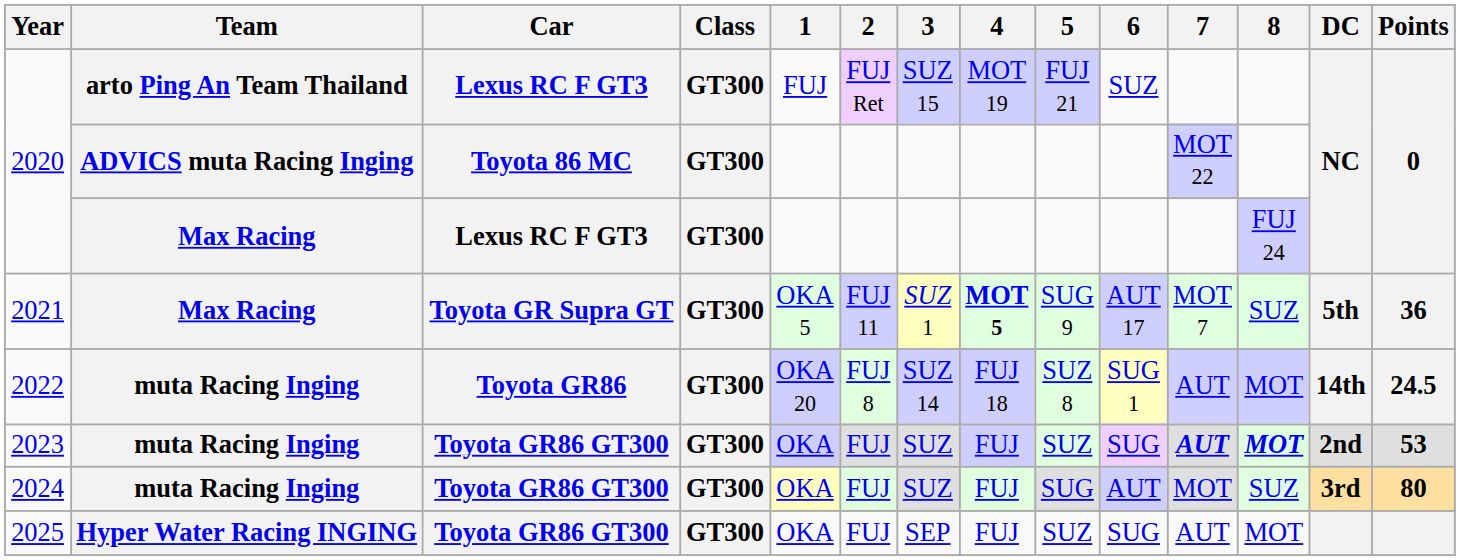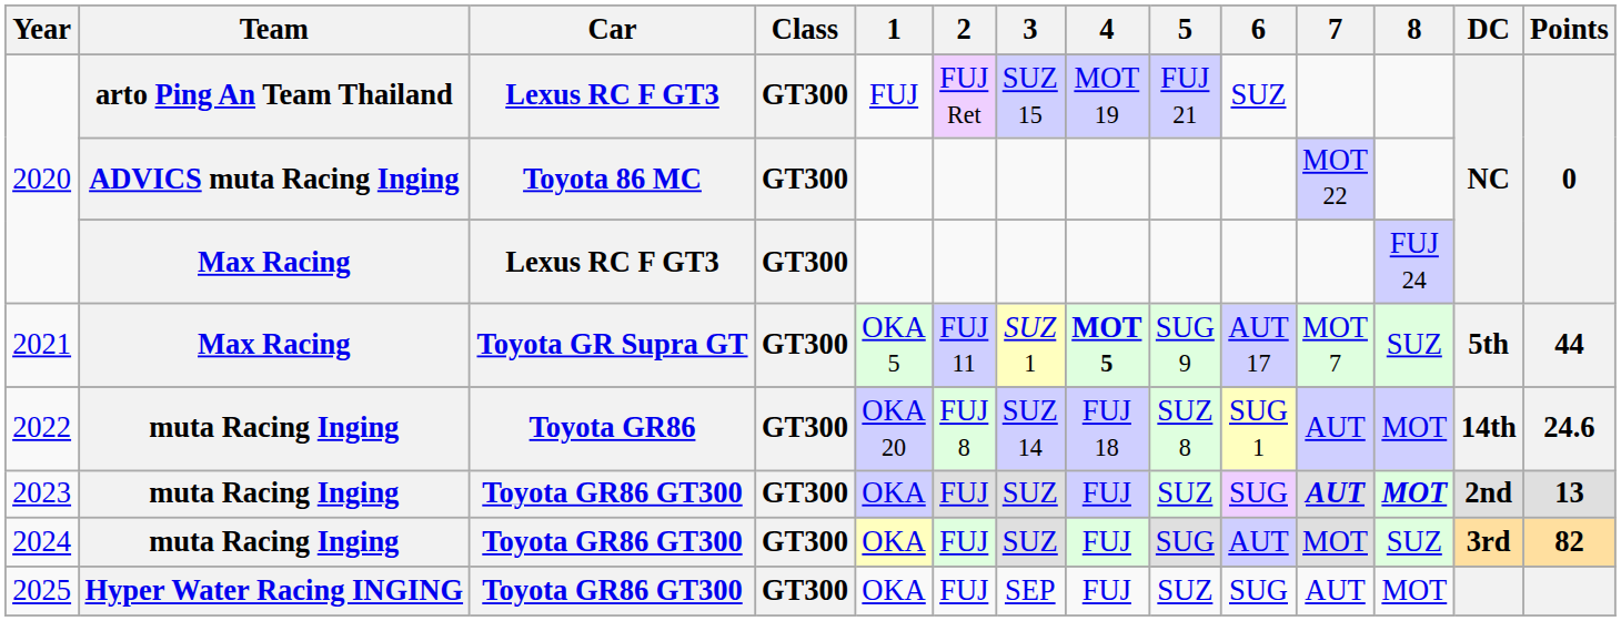 <table class="wikitable" style="text-align:center; font-size:90%">
 <tr>
 <th>Year</th>
 <th>Team</th>
 <th>Car</th>
 <th>Class</th>
 <th>1</th>
 <th>2</th>
 <th>3</th>
 <th>4</th>
 <th>5</th>
 <th>6</th>
 <th>7</th>
 <th>8</th>
 <th>DC</th>
 <th>Points</th>
 </tr>
 <tr>
 <td rowspan="3"><a href='#'>2020</a></td>
 <th>arto <a href='#'>Ping An</a> Team Thailand</th>
 <th><a href='#'>Lexus RC F GT3</a></th>
 <th>GT300</th>
 <td><a href='#'>FUJ</a></td>
 <td style="background:#EFCFFF"><a href='#'>FUJ</a><br><small>Ret</small></td>
 <td style="background:#CFCFFF"><a href='#'>SUZ</a><br><small>15</small></td>
 <td style="background:#CFCFFF"><a href='#'>MOT</a><br><small>19</small></td>
 <td style="background:#CFCFFF"><a href='#'>FUJ</a><br><small>21</small></td>
 <td><a href='#'>SUZ</a></td>
 <td></td>
 <td></td>
 <th rowspan="3">NC</th>
 <th rowspan="3">0</th>
 </tr>
 <tr>
 <th><a href='#'>ADVICS</a> muta Racing <a href='#'>Inging</a></th>
 <th><a href='#'>Toyota 86 MC</a></th>
 <th>GT300</th>
 <td></td>
 <td></td>
 <td></td>
 <td></td>
 <td></td>
 <td></td>
 <td style="background:#CFCFFF"><a href='#'>MOT</a><br><small>22</small></td>
 <td></td>
 </tr>
 <tr>
 <th><a href='#'>Max Racing</a></th>
 <th>Lexus RC F GT3</th>
 <th>GT300</th>
 <td></td>
 <td></td>
 <td></td>
 <td></td>
 <td></td>
 <td></td>
 <td></td>
 <td style="background:#CFCFFF;"><a href='#'>FUJ</a><br><small>24</small></td>
 </tr>
 <tr>
 <td><a href='#'>2021</a></td>
 <th><a href='#'>Max Racing</a></th>
 <th><a href='#'>Toyota GR Supra GT</a></th>
 <th>GT300</th>
 <td style="background:#DFFFDF;"><a href='#'>OKA</a><br><small>5</small></td>
 <td style="background:#CFCFFF;"><a href='#'>FUJ</a><br><small>11</small></td>
 <td style="background:#FFFFBF;"><em><a href='#'>SUZ</a></em><br><small>1</small></td>
 <td style="background:#DFFFDF;"><strong><a href='#'>MOT</a><br><small>5</small></strong></td>
 <td style="background:#DFFFDF;"><a href='#'>SUG</a><br><small>9</small></td>
 <td style="background:#CFCFFF;"><a href='#'>AUT</a><br><small>17</small></td>
 <td style="background:#DFFFDF"><a href='#'>MOT</a><br><small>7</small></td>
 <td style="background:#dfffdf;"><a href='#'>SUZ</a><br></td>
 <th>5th</th>
-<th>36</th>
+<th>44</th>
 </tr>
 <tr>
 <td><a href='#'>2022</a></td>
 <th>muta Racing <a href='#'>Inging</a></th>
 <th><a href='#'>Toyota GR86</a></th>
 <th>GT300</th>
 <td style="background:#CFCFFF;"><a href='#'>OKA</a><br><small>20</small></td>
 <td style="background:#DFFFDF;"><a href='#'>FUJ</a><br><small>8</small></td>
 <td style="background:#CFCFFF;"><a href='#'>SUZ</a><br><small>14</small></td>
 <td style="background:#CFCFFF;"><a href='#'>FUJ</a><br><small>18</small></td>
 <td style="background:#DFFFDF;"><a href='#'>SUZ</a><br><small>8</small></td>
 <td style="background:#FFFFBF;"><a href='#'>SUG</a><br><small>1</small></td>
 <td style="background:#CFCFFF;"><a href='#'>AUT</a><br></td>
 <td style="background:#CFCFFF;"><a href='#'>MOT</a><br></td>
 <th>14th</th>
-<th>24.5</th>
+<th>24.6</th>
 </tr>
 <tr>
 <td><a href='#'>2023</a></td>
 <th>muta Racing <a href='#'>Inging</a></th>
 <th><a href='#'>Toyota GR86 GT300</a></th>
 <th>GT300</th>
 <td style="background:#CFCFFF;"><a href='#'>OKA</a><br></td>
 <td style="background:#DFDFDF;"><a href='#'>FUJ</a><br></td>
 <td style="background:#DFDFDF;"><a href='#'>SUZ</a><br></td>
 <td style="background:#CFCFFF;"><a href='#'>FUJ</a><br></td>
 <td style="background:#DFFFDF;"><a href='#'>SUZ</a><br></td>
 <td style="background:#EFCFFF;"><a href='#'>SUG</a><br></td>
 <td style="background:#DFDFDF;"><strong><em><a href='#'>AUT</a><br></em></strong></td>
 <td style="background:#DFFFDF;"><strong><em><a href='#'>MOT</a></em></strong><br></td>
 <th style="background:#DFDFDF;">2nd</th>
-<th style="background:#DFDFDF;">53</th>
+<th style="background:#DFDFDF;">13</th>
 </tr>
 <tr>
 <td><a href='#'>2024</a></td>
 <th>muta Racing <a href='#'>Inging</a></th>
 <th><a href='#'>Toyota GR86 GT300</a></th>
 <th>GT300</th>
 <td style="background:#ffffbf;"><a href='#'>OKA</a><br></td>
 <td style="background:#dfffdf;"><a href='#'>FUJ</a><br></td>
 <td style="background:#dfdfdf;"><a href='#'>SUZ</a><br></td>
 <td style="background:#dfffdf;"><a href='#'>FUJ</a><br></td>
 <td style="background:#dfdfdf;"><a href='#'>SUG</a><br></td>
 <td style="background:#cfcfff;"><a href='#'>AUT</a><br></td>
 <td style="background:#dfdfdf;"><a href='#'>MOT</a><br></td>
 <td style="background:#dfffdf;"><a href='#'>SUZ</a><br></td>
 <th style="background:#ffdf9f;">3rd</th>
-<th style="background:#ffdf9f;">80</th>
+<th style="background:#ffdf9f;">82</th>
 </tr>
 <tr>
 <td><a href='#'>2025</a></td>
 <th><a href='#'>Hyper Water Racing INGING</a></th>
 <th><a href='#'>Toyota GR86 GT300</a></th>
 <th>GT300</th>
 <td style="background:#;"><a href='#'>OKA</a><br></td>
 <td style="background:#;"><a href='#'>FUJ</a><br></td>
 <td style="background:#;"><a href='#'>SEP</a><br></td>
 <td style="background:#;"><a href='#'>FUJ</a><br></td>
 <td style="background:#;"><a href='#'>SUZ</a><br></td>
 <td style="background:#;"><a href='#'>SUG</a><br></td>
 <td style="background:#;"><a href='#'>AUT</a><br></td>
 <td style="background:#;"><a href='#'>MOT</a><br></td>
 <th></th>
 <th></th>
 </tr>
 </table>
